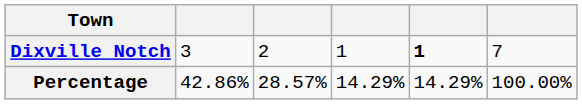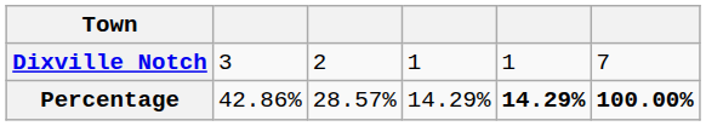 <table class="wikitable sortable" style=margin:auto;margin:auto>
 <tr valign=bottom>
 <th>Town</th>
 <th></th>
 <th></th>
 <th></th>
 <th></th>
 <th></th>
 </tr>
 <tr>
 <th><a href='#'>Dixville Notch</a></th>
 <td>3</td>
 <td>2</td>
 <td>1</td>
-<td><strong>1</strong></td>
+<td>1</td>
 <td>7</td>
 </tr>
 <tr>
 <th>Percentage</th>
 <td>42.86%</td>
 <td>28.57%</td>
 <td>14.29%</td>
-<td>14.29%</td>
-<td>100.00%</td>
+<td><strong>14.29%</strong></td>
+<td><strong>100.00%</strong></td>
 </tr>
 </table>
